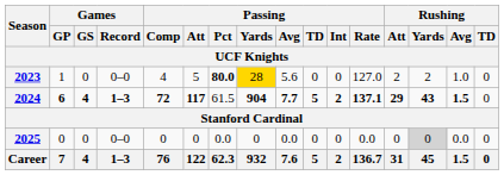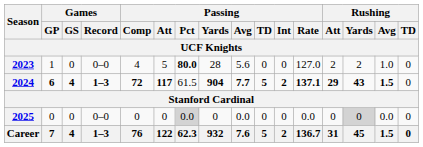 <table class="wikitable" style="text-align:center;">
 <tr>
 <th rowspan="2">Season</th>
 <th colspan="3">Games</th>
 <th colspan="8">Passing</th>
 <th colspan="5">Rushing</th>
 </tr>
 <tr>
 <th>GP</th>
 <th>GS</th>
 <th>Record</th>
 <th>Comp</th>
 <th>Att</th>
 <th>Pct</th>
 <th>Yards</th>
 <th>Avg</th>
 <th>TD</th>
 <th>Int</th>
 <th>Rate</th>
 <th>Att</th>
 <th>Yards</th>
 <th>Avg</th>
 <th>TD</th>
 </tr>
 <tr>
 <th colspan="17">UCF Knights</th>
 </tr>
 <tr>
 <th><a href='#'>2023</a></th>
 <td>1</td>
 <td>0</td>
 <td>0–0</td>
 <td>4</td>
 <td>5</td>
 <td><strong>80.0</strong></td>
-<td style="background: gold;">28</td>
+<td>28</td>
 <td>5.6</td>
 <td>0</td>
 <td>0</td>
 <td>127.0</td>
 <td>2</td>
 <td>2</td>
 <td>1.0</td>
 <td>0</td>
 </tr>
 <tr>
 <th><a href='#'>2024</a></th>
 <td><strong>6</strong></td>
 <td><strong>4</strong></td>
 <td><strong>1–3</strong></td>
 <td><strong>72</strong></td>
 <td><strong>117</strong></td>
 <td>61.5</td>
 <td><strong>904</strong></td>
 <td><strong>7.7</strong></td>
 <td><strong>5</strong></td>
 <td><strong>2</strong></td>
 <td><strong>137.1</strong></td>
 <td><strong>29</strong></td>
 <td><strong>43</strong></td>
 <td><strong>1.5</strong></td>
 <td>0</td>
 </tr>
 <tr>
 <th colspan="17">Stanford Cardinal</th>
 </tr>
 <tr>
 <th><a href='#'>2025</a></th>
 <td>0</td>
 <td>0</td>
 <td>0–0</td>
 <td>0</td>
 <td>0</td>
-<td>0.0</td>
+<td style="background: lightgrey;">0.0</td>
 <td>0</td>
 <td>0.0</td>
 <td>0</td>
 <td>0</td>
 <td>0.0</td>
 <td>0</td>
 <td style="background: lightgrey;">0</td>
 <td>0.0</td>
 <td>0</td>
 </tr>
 <tr>
 <th>Career</th>
 <th>7</th>
 <th>4</th>
 <th>1–3</th>
 <th>76</th>
 <th>122</th>
 <th>62.3</th>
 <th>932</th>
 <th>7.6</th>
 <th>5</th>
 <th>2</th>
 <th>136.7</th>
 <th>31</th>
 <th>45</th>
 <th>1.5</th>
 <th>0</th>
 </tr>
 </table>
